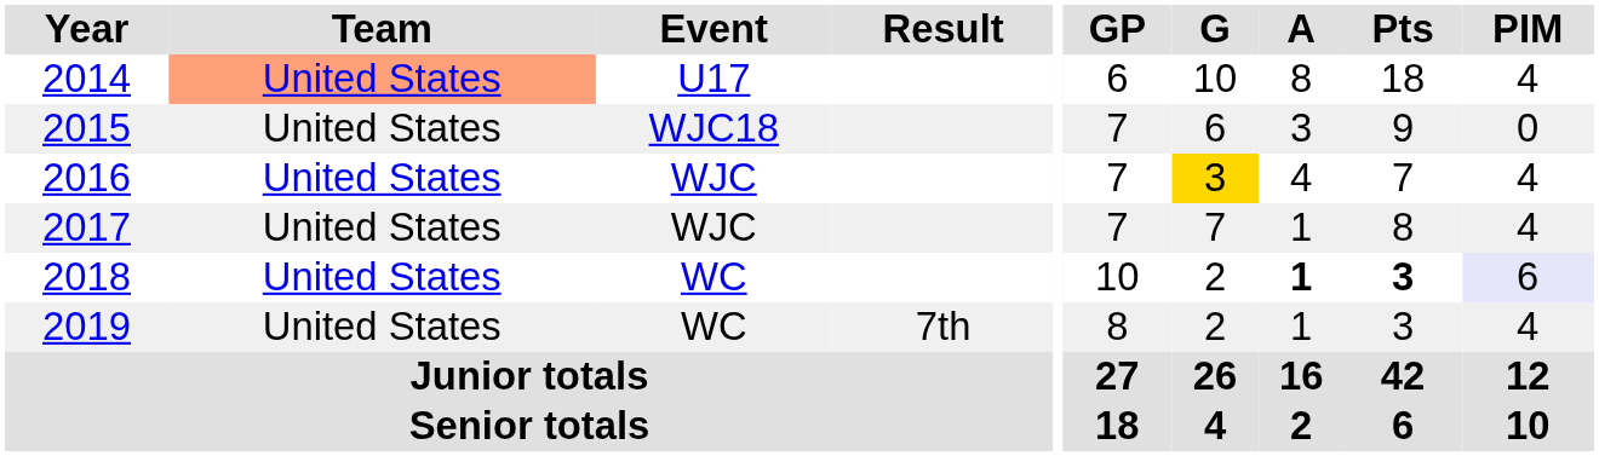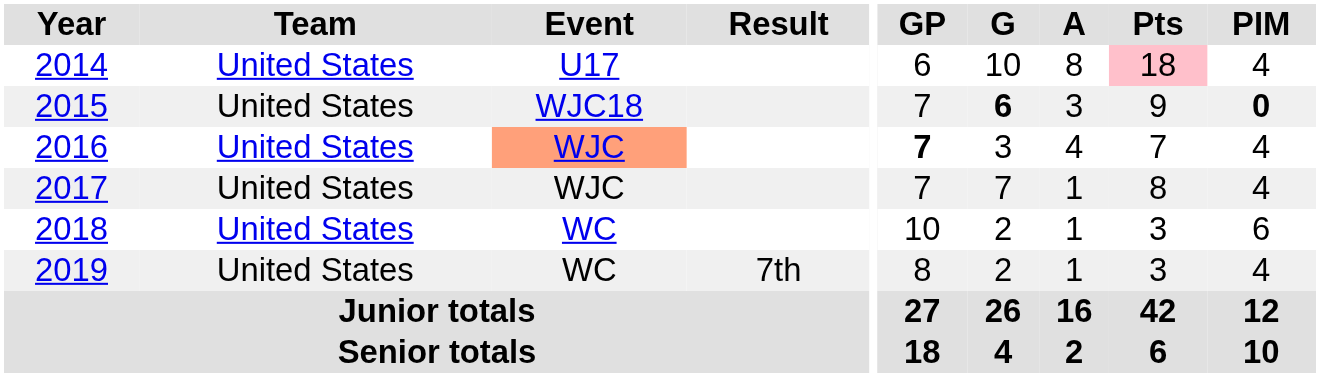 <table border="0" cellpadding="1" cellspacing="0" ID="Table3" style="text-align:center; width:40em">
 <tr ALIGN="center" bgcolor="#e0e0e0">
 <th>Year</th>
 <th>Team</th>
 <th>Event</th>
 <th>Result</th>
 <th rowspan="99" bgcolor="#ffffff"></th>
 <th>GP</th>
 <th>G</th>
 <th>A</th>
 <th>Pts</th>
 <th>PIM</th>
 </tr>
 <tr>
 <td><a href='#'>2014</a></td>
-<td style="background: lightsalmon;"><a href='#'>United States</a></td>
+<td><a href='#'>United States</a></td>
 <td><a href='#'>U17</a></td>
 <td></td>
 <td>6</td>
 <td>10</td>
 <td>8</td>
-<td>18</td>
+<td style="background: pink;">18</td>
 <td>4</td>
 </tr>
 <tr bgcolor="#f0f0f0">
 <td><a href='#'>2015</a></td>
 <td>United States</td>
 <td><a href='#'>WJC18</a></td>
 <td></td>
 <td>7</td>
-<td>6</td>
+<td><strong>6</strong></td>
 <td>3</td>
 <td>9</td>
-<td>0</td>
+<td><strong>0</strong></td>
 </tr>
 <tr>
 <td><a href='#'>2016</a></td>
 <td><a href='#'>United States</a></td>
-<td><a href='#'>WJC</a></td>
+<td style="background: lightsalmon;"><a href='#'>WJC</a></td>
 <td></td>
-<td>7</td>
-<td style="background: gold;">3</td>
+<td><strong>7</strong></td>
+<td>3</td>
 <td>4</td>
 <td>7</td>
 <td>4</td>
 </tr>
 <tr bgcolor="#f0f0f0">
 <td><a href='#'>2017</a></td>
 <td>United States</td>
 <td>WJC</td>
 <td></td>
 <td>7</td>
 <td>7</td>
 <td>1</td>
 <td>8</td>
 <td>4</td>
 </tr>
 <tr>
 <td><a href='#'>2018</a></td>
 <td><a href='#'>United States</a></td>
 <td><a href='#'>WC</a></td>
 <td></td>
 <td>10</td>
 <td>2</td>
-<td><strong>1</strong></td>
-<td><strong>3</strong></td>
-<td style="background: lavender;">6</td>
+<td>1</td>
+<td>3</td>
+<td>6</td>
 </tr>
 <tr bgcolor="#f0f0f0">
 <td><a href='#'>2019</a></td>
 <td>United States</td>
 <td>WC</td>
 <td>7th</td>
 <td>8</td>
 <td>2</td>
 <td>1</td>
 <td>3</td>
 <td>4</td>
 </tr>
 <tr bgcolor="#e0e0e0">
 <th colspan="4">Junior totals</th>
 <th>27</th>
 <th>26</th>
 <th>16</th>
 <th>42</th>
 <th>12</th>
 </tr>
 <tr bgcolor="#e0e0e0">
 <th colspan=4>Senior totals</th>
 <th>18</th>
 <th>4</th>
 <th>2</th>
 <th>6</th>
 <th>10</th>
 </tr>
 </table>
